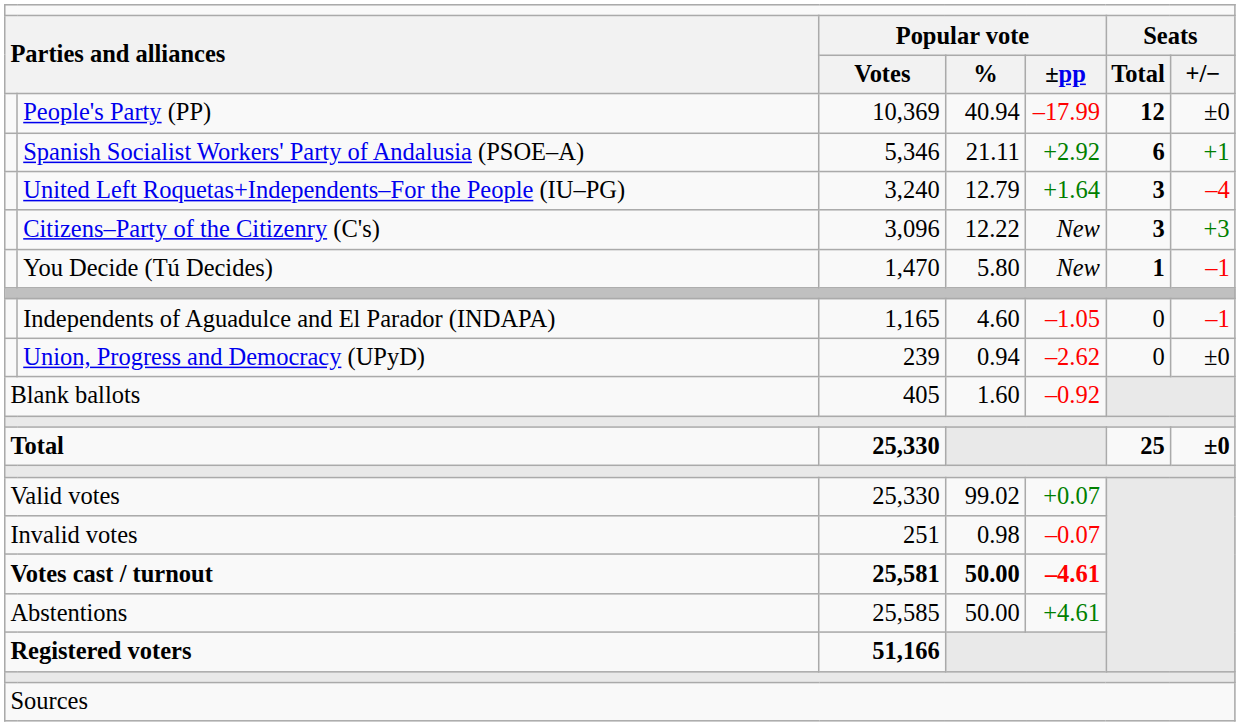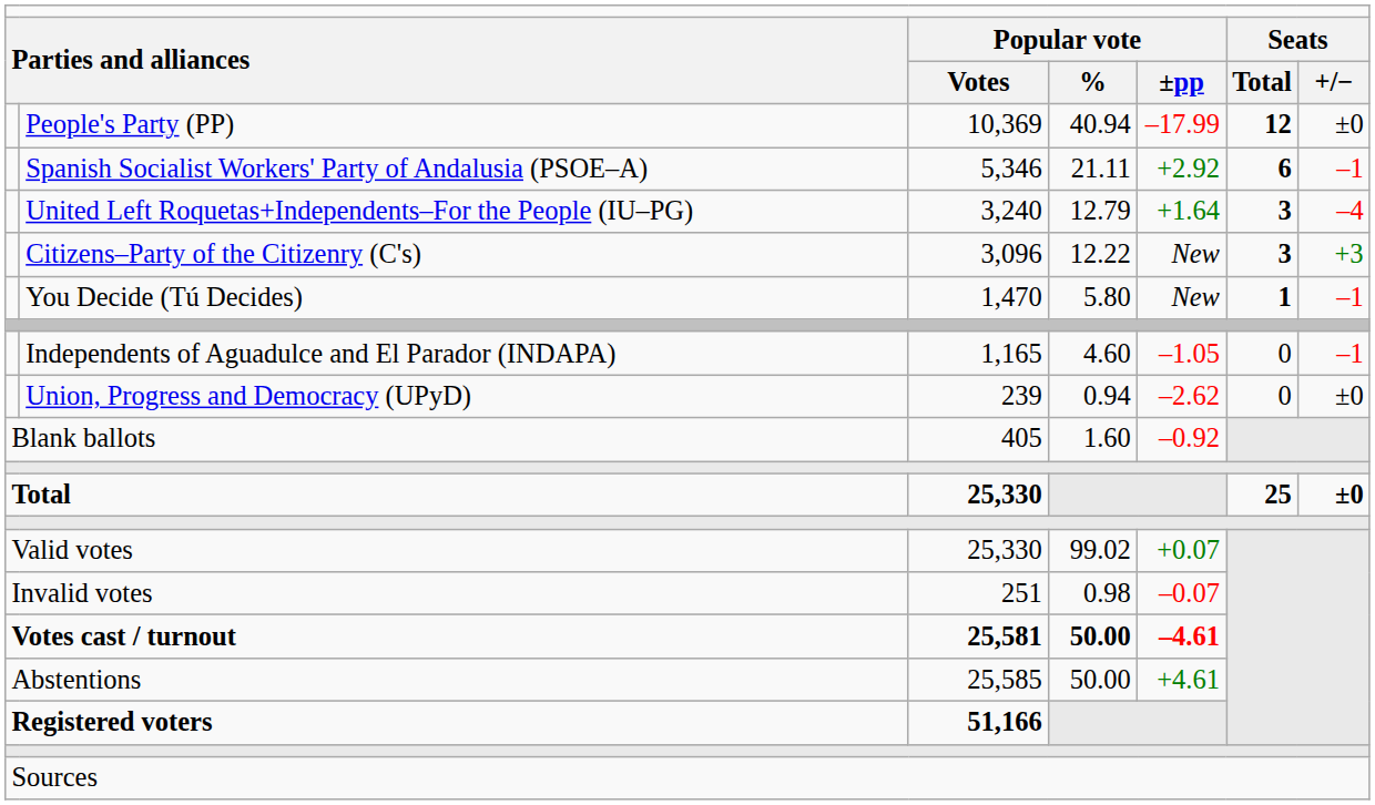 <table class="wikitable" style="text-align:right;">
 <tr>
 <td colspan="7"></td>
 </tr>
 <tr>
 <th style="text-align:left;" rowspan="2" colspan="2" width="525">Parties and alliances</th>
 <th colspan="3">Popular vote</th>
 <th colspan="2">Seats</th>
 </tr>
 <tr>
 <th width="75">Votes</th>
 <th width="45">%</th>
 <th width="45">±<a href='#'>pp</a></th>
 <th width="35">Total</th>
 <th width="35">+/−</th>
 </tr>
 <tr>
 <td width="1" style="color:inherit;background:"></td>
 <td align="left"><a href='#'>People's Party</a> (PP)</td>
 <td>10,369</td>
 <td>40.94</td>
 <td style="color:red;">–17.99</td>
 <td><strong>12</strong></td>
 <td>±0</td>
 </tr>
 <tr>
 <td style="color:inherit;background:"></td>
 <td align="left"><a href='#'>Spanish Socialist Workers' Party of Andalusia</a> (PSOE–A)</td>
 <td>5,346</td>
 <td>21.11</td>
 <td style="color:green;">+2.92</td>
 <td><strong>6</strong></td>
-<td style="color:green;">+1</td>
+<td style="color:red;">–1</td>
 </tr>
 <tr>
 <td style="color:inherit;background:"></td>
 <td align="left"><a href='#'>United Left Roquetas+Independents–For the People</a> (IU–PG)</td>
 <td>3,240</td>
 <td>12.79</td>
 <td style="color:green;">+1.64</td>
 <td><strong>3</strong></td>
 <td style="color:red;">–4</td>
 </tr>
 <tr>
 <td style="color:inherit;background:"></td>
 <td align="left"><a href='#'>Citizens–Party of the Citizenry</a> (C's)</td>
 <td>3,096</td>
 <td>12.22</td>
 <td><em>New</em></td>
 <td><strong>3</strong></td>
 <td style="color:green;">+3</td>
 </tr>
 <tr>
 <td style="color:inherit;background:"></td>
 <td align="left">You Decide (Tú Decides)</td>
 <td>1,470</td>
 <td>5.80</td>
 <td><em>New</em></td>
 <td><strong>1</strong></td>
 <td style="color:red;">–1</td>
 </tr>
 <tr>
 <td colspan="7" bgcolor="#C0C0C0"></td>
 </tr>
 <tr>
 <td style="color:inherit;background:"></td>
 <td align="left">Independents of Aguadulce and El Parador (INDAPA)</td>
 <td>1,165</td>
 <td>4.60</td>
 <td style="color:red;">–1.05</td>
 <td>0</td>
 <td style="color:red;">–1</td>
 </tr>
 <tr>
 <td style="color:inherit;background:"></td>
 <td align="left"><a href='#'>Union, Progress and Democracy</a> (UPyD)</td>
 <td>239</td>
 <td>0.94</td>
 <td style="color:red;">–2.62</td>
 <td>0</td>
 <td>±0</td>
 </tr>
 <tr>
 <td align="left" colspan="2">Blank ballots</td>
 <td>405</td>
 <td>1.60</td>
 <td style="color:red;">–0.92</td>
 <td bgcolor="#E9E9E9" colspan="2"></td>
 </tr>
 <tr>
 <td colspan="7" bgcolor="#E9E9E9"></td>
 </tr>
 <tr style="font-weight:bold;">
 <td align="left" colspan="2">Total</td>
 <td>25,330</td>
 <td bgcolor="#E9E9E9" colspan="2"></td>
 <td>25</td>
 <td>±0</td>
 </tr>
 <tr>
 <td colspan="7" bgcolor="#E9E9E9"></td>
 </tr>
 <tr>
 <td align="left" colspan="2">Valid votes</td>
 <td>25,330</td>
 <td>99.02</td>
 <td style="color:green;">+0.07</td>
 <td bgcolor="#E9E9E9" colspan="2" rowspan="5"></td>
 </tr>
 <tr>
 <td align="left" colspan="2">Invalid votes</td>
 <td>251</td>
 <td>0.98</td>
 <td style="color:red;">–0.07</td>
 </tr>
 <tr style="font-weight:bold;">
 <td align="left" colspan="2">Votes cast / turnout</td>
 <td>25,581</td>
 <td>50.00</td>
 <td style="color:red;">–4.61</td>
 </tr>
 <tr>
 <td align="left" colspan="2">Abstentions</td>
 <td>25,585</td>
 <td>50.00</td>
 <td style="color:green;">+4.61</td>
 </tr>
 <tr style="font-weight:bold;">
 <td align="left" colspan="2">Registered voters</td>
 <td>51,166</td>
 <td bgcolor="#E9E9E9" colspan="2"></td>
 </tr>
 <tr>
 <td colspan="7" bgcolor="#E9E9E9"></td>
 </tr>
 <tr>
 <td align="left" colspan="7">Sources</td>
 </tr>
 </table>
